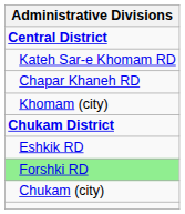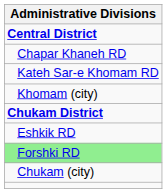 <table class="wikitable">
 <tr>
 <th>Administrative Divisions</th>
 </tr>
 <tr>
 <td><strong><a href='#'>Central District</a></strong></td>
 </tr>
 <tr>
-<td style="padding-left: 1em;"><a href='#'>Kateh Sar-e Khomam RD</a></td>
+<td style="padding-left: 1em;"><a href='#'>Chapar Khaneh RD</a></td>
 </tr>
 <tr>
-<td style="padding-left: 1em;"><a href='#'>Chapar Khaneh RD</a></td>
+<td style="padding-left: 1em;"><a href='#'>Kateh Sar-e Khomam RD</a></td>
 </tr>
 <tr>
 <td style="padding-left: 1em;"><a href='#'>Khomam</a> (city)</td>
 </tr>
 <tr>
 <td><strong><a href='#'>Chukam District</a></strong></td>
 </tr>
 <tr>
 <td style="padding-left: 1em;"><a href='#'>Eshkik RD</a></td>
 </tr>
 <tr>
 <td style="background: lightgreen; padding-left: 1em;"><a href='#'>Forshki RD</a></td>
 </tr>
 <tr>
 <td style="padding-left: 1em;"><a href='#'>Chukam</a> (city)</td>
 </tr>
 <tr>
 <td colspan=1></td>
 </tr>
 </table>
